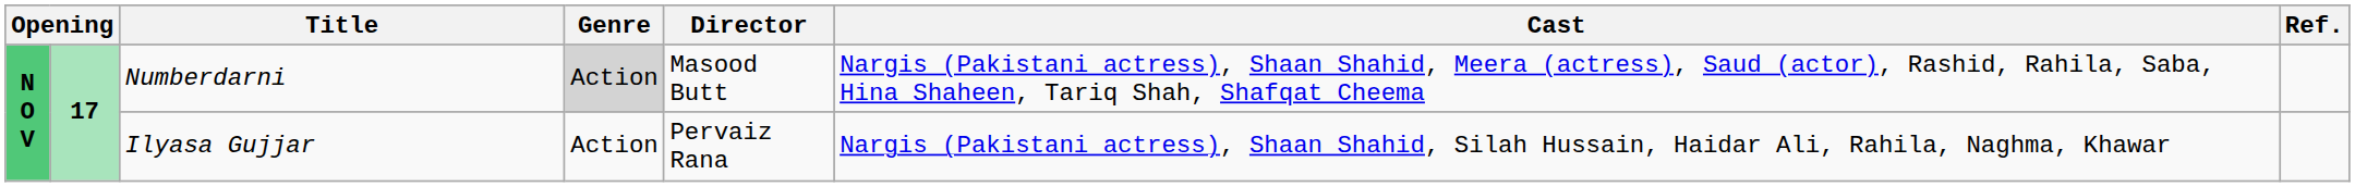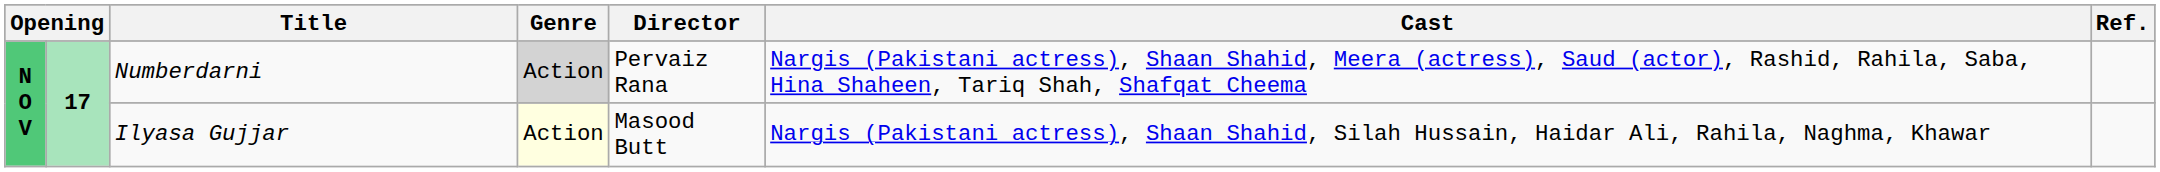 <table class="wikitable">
 <tr style="background:#b0e0e66; text-align:center;">
 <th colspan="2"><strong>Opening</strong></th>
 <th style="width:19%;"><strong>Title</strong></th>
 <th><strong>Genre</strong></th>
 <th><strong>Director</strong></th>
 <th><strong>Cast</strong></th>
 <th><strong>Ref.</strong></th>
 </tr>
 <tr>
 <td rowspan="2" style="text-align:center; background:#50c878;"><strong>N<br>O<br>V</strong></td>
 <td rowspan="2" style="text-align:center; textcolor:#000; background:#a8e4bc;"><strong>17</strong></td>
 <td><em>Numberdarni</em></td>
 <td style="background: lightgrey;">Action</td>
-<td>Masood Butt</td>
+<td>Pervaiz Rana</td>
 <td><a href='#'>Nargis (Pakistani actress)</a>, <a href='#'>Shaan Shahid</a>, <a href='#'>Meera (actress)</a>, <a href='#'>Saud (actor)</a>, Rashid, Rahila, Saba, <a href='#'>Hina Shaheen</a>, Tariq Shah, <a href='#'>Shafqat Cheema</a></td>
 <td></td>
 </tr>
 <tr>
 <td><em>Ilyasa Gujjar</em></td>
-<td>Action</td>
-<td>Pervaiz Rana</td>
+<td style="background: lightyellow;">Action</td>
+<td>Masood Butt</td>
 <td><a href='#'>Nargis (Pakistani actress)</a>, <a href='#'>Shaan Shahid</a>, Silah Hussain, Haidar Ali, Rahila, Naghma, Khawar</td>
 <td></td>
 </tr>
 </table>
